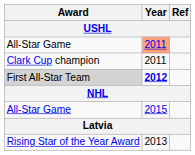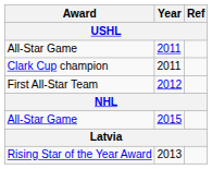 <table class="wikitable">
 <tr>
 <th>Award</th>
 <th>Year</th>
 <th>Ref</th>
 </tr>
 <tr>
 <th colspan="3"><a href='#'>USHL</a></th>
 </tr>
 <tr>
 <td>All-Star Game</td>
-<td style="background: lightsalmon;"><a href='#'>2011</a></td>
+<td><a href='#'>2011</a></td>
 <td></td>
 </tr>
 <tr>
 <td><a href='#'>Clark Cup</a> champion</td>
 <td>2011</td>
 <td></td>
 </tr>
 <tr>
-<td style="background: lightgrey;">First All-Star Team</td>
-<td><strong><a href='#'>2012</a></strong></td>
+<td>First All-Star Team</td>
+<td><a href='#'>2012</a></td>
 <td></td>
 </tr>
 <tr>
 <th colspan="3"><a href='#'>NHL</a></th>
 </tr>
 <tr>
 <td><a href='#'>All-Star Game</a></td>
 <td><a href='#'>2015</a></td>
 <td></td>
 </tr>
 <tr>
 <th colspan="3">Latvia</th>
 </tr>
 <tr>
 <td><a href='#'>Rising Star of the Year Award</a></td>
 <td>2013</td>
 <td></td>
 </tr>
 </table>
